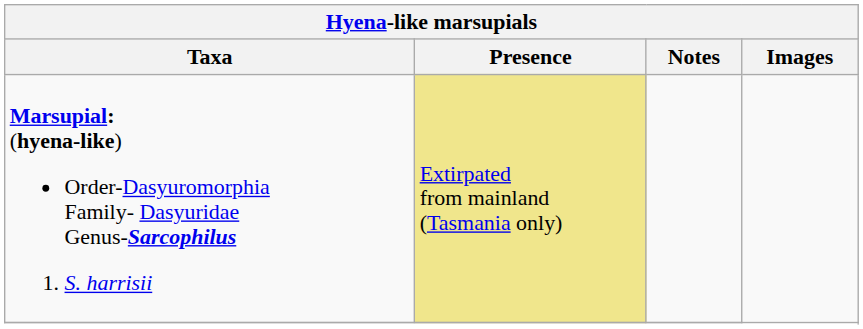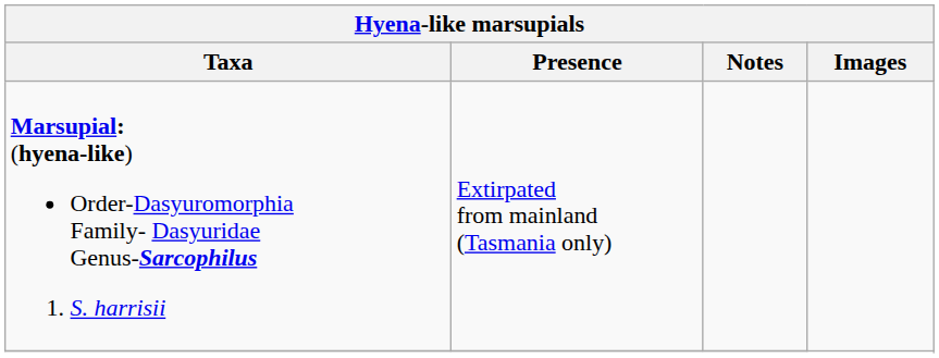 <table class="wikitable" align="center" width="100%">
 <tr>
 <th colspan="5" align="center"><strong><a href='#'>Hyena</a>-like marsupials</strong></th>
 </tr>
 <tr>
 <th>Taxa</th>
 <th>Presence</th>
 <th>Notes</th>
 <th>Images</th>
 </tr>
 <tr>
 <td><br><strong><a href='#'>Marsupial</a>:</strong><br>(<strong>hyena-like</strong>)<ul><li>Order-<a href='#'>Dasyuromorphia</a><br>Family- <a href='#'>Dasyuridae</a><br>Genus-<strong><em><a href='#'>Sarcophilus</a></em></strong></li></ul><ol><li><em><a href='#'>S. harrisii</a></em></li></ol></td>
-<td style="background: khaki;"><a href='#'>Extirpated</a><br>from mainland<br>(<a href='#'>Tasmania</a> only)</td>
+<td><a href='#'>Extirpated</a><br>from mainland<br>(<a href='#'>Tasmania</a> only)</td>
 <td></td>
 <td rowspan="99"><br></td>
 </tr>
 <tr>
 </tr>
 </table>
